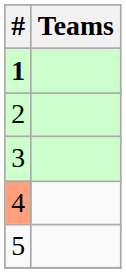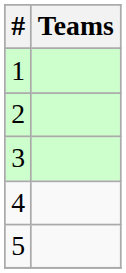 <table class="wikitable">
 <tr>
 <th>#</th>
 <th>Teams</th>
 </tr>
 <tr bgcolor=ccffcc>
-<td><strong>1</strong></td>
+<td>1</td>
 <td></td>
 </tr>
 <tr bgcolor=ccffcc>
 <td>2</td>
 <td></td>
 </tr>
 <tr bgcolor=ccffcc>
 <td>3</td>
 <td></td>
 </tr>
 <tr>
-<td style="background: lightsalmon;">4</td>
+<td>4</td>
 <td></td>
 </tr>
 <tr>
 <td>5</td>
 <td></td>
 </tr>
 <tr>
 </tr>
 </table>
